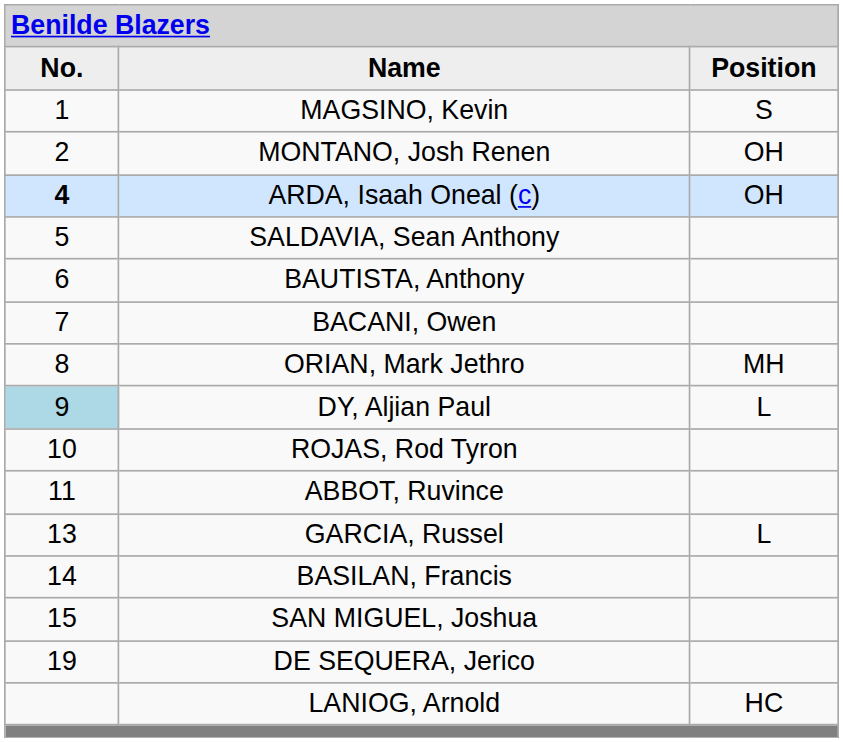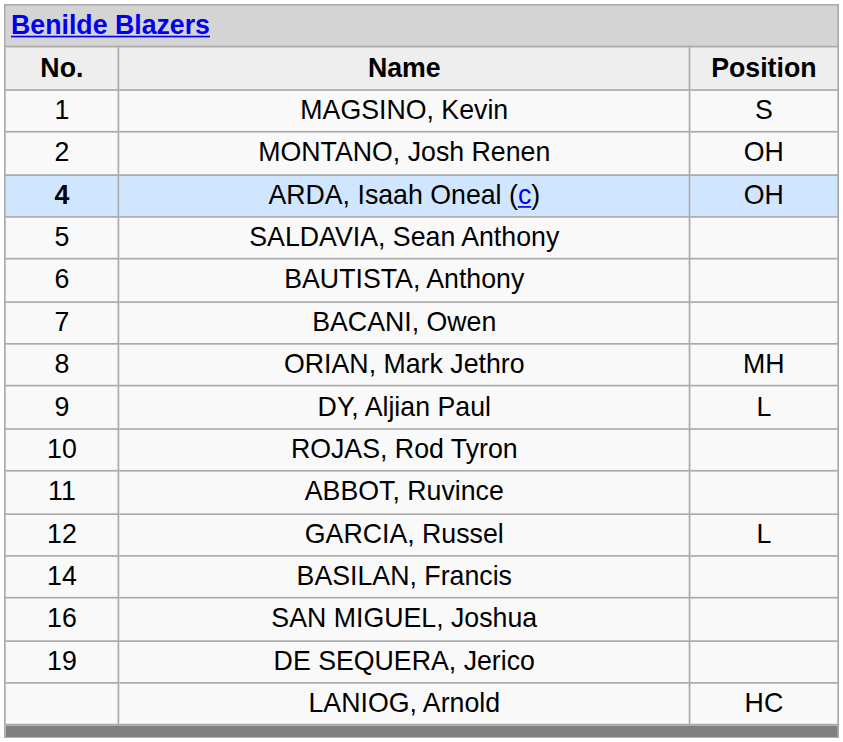 <table class='wikitable mw-collapsible mw-collapsed' style="text-align: center; width: 500px; border: none">
 <tr>
 <th style="background:#D4D4D4; text-align:left;" colspan=3><a href='#'>Benilde Blazers</a></th>
 </tr>
 <tr style="background:#EEEEEE; font-weight:bold;">
 <td width=10%>No.</td>
 <td width=50%>Name</td>
 <td width=10%>Position</td>
 </tr>
 <tr>
 <td align=center>1</td>
 <td>MAGSINO, Kevin</td>
 <td align=center>S</td>
 </tr>
 <tr>
 <td align=center>2</td>
 <td>MONTANO, Josh Renen</td>
 <td align=center>OH</td>
 </tr>
 <tr style="background: #D0E6FF">
 <td align=center><strong>4</strong></td>
 <td>ARDA, Isaah Oneal (<a href='#'>c</a>)</td>
 <td align=center>OH</td>
 </tr>
 <tr>
 <td align=center>5</td>
 <td>SALDAVIA, Sean Anthony</td>
 <td align=center></td>
 </tr>
 <tr>
 <td align=center>6</td>
 <td>BAUTISTA, Anthony</td>
 <td align=center></td>
 </tr>
 <tr>
 <td align=center>7</td>
 <td>BACANI, Owen</td>
 <td align=center></td>
 </tr>
 <tr>
 <td align=center>8</td>
 <td>ORIAN, Mark Jethro</td>
 <td align=center>MH</td>
 </tr>
 <tr>
-<td align=center style="background: lightblue;">9</td>
+<td align=center>9</td>
 <td>DY, Aljian Paul</td>
 <td align=center>L</td>
 </tr>
 <tr>
 <td align=center>10</td>
 <td>ROJAS, Rod Tyron</td>
 <td align=center></td>
 </tr>
 <tr>
 <td align=center>11</td>
 <td>ABBOT, Ruvince</td>
 <td align=center></td>
 </tr>
 <tr>
-<td align=center>13</td>
+<td align=center>12</td>
 <td>GARCIA, Russel</td>
 <td align=center>L</td>
 </tr>
 <tr>
 <td align=center>14</td>
 <td>BASILAN, Francis</td>
 <td align=center></td>
 </tr>
 <tr>
-<td align=center>15</td>
+<td align=center>16</td>
 <td>SAN MIGUEL, Joshua</td>
 <td align=center></td>
 </tr>
 <tr>
 <td align=center>19</td>
 <td>DE SEQUERA, Jerico</td>
 <td align=center></td>
 </tr>
 <tr>
 <td align=center></td>
 <td>LANIOG, Arnold</td>
 <td align=center>HC</td>
 </tr>
 <tr>
 <th style='background: grey;' colspan=3></th>
 </tr>
 </table>
